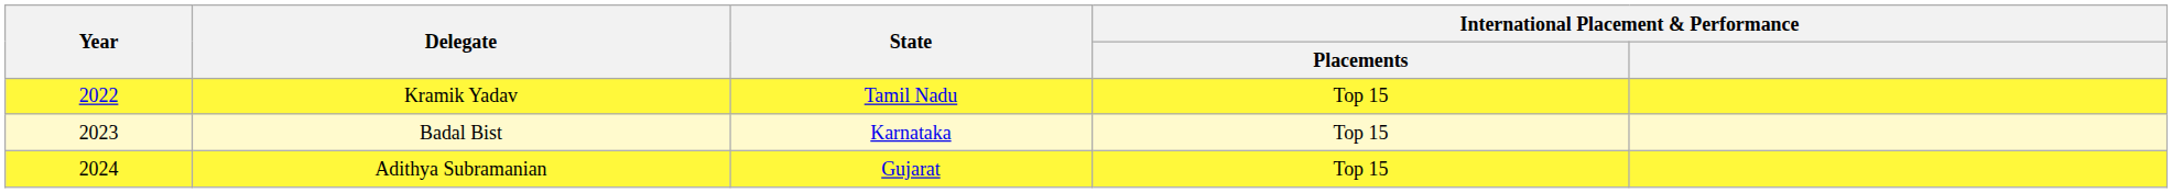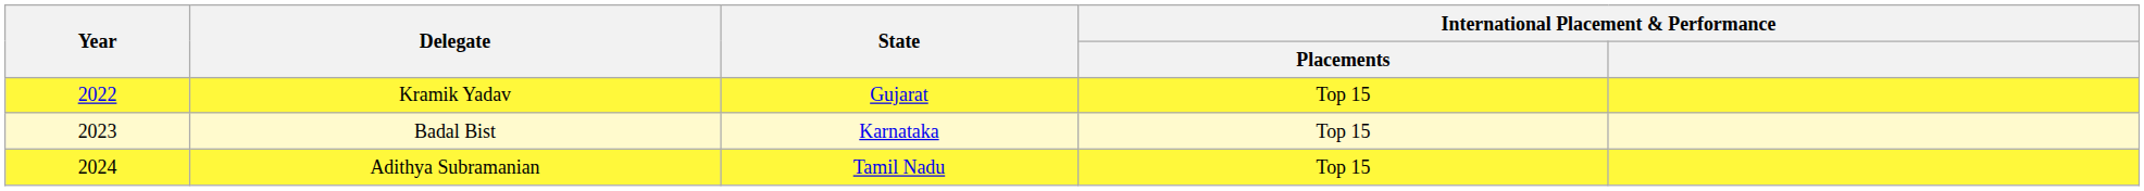 <table class="wikitable" style="text-align:center; line-height:20px; font-size:90%; width:100%;">
 <tr>
 <th rowspan="2"  width=100px>Year</th>
 <th rowspan="2"  width=300px>Delegate</th>
 <th rowspan="2"  width=200px>State</th>
 <th colspan="2"  width=100px>International Placement & Performance</th>
 </tr>
 <tr>
 <th width=300px>Placements</th>
 <th width=300px></th>
 </tr>
 <tr style="background:#FFF83B;">
 <td><a href='#'>2022</a></td>
 <td>Kramik Yadav</td>
-<td><a href='#'>Tamil Nadu</a></td>
+<td><a href='#'>Gujarat</a></td>
 <td>Top 15</td>
 <td style="background:;"></td>
 </tr>
 <tr style="background-color:#FFFACD;">
 <td>2023</td>
 <td>Badal Bist</td>
 <td><a href='#'>Karnataka</a></td>
 <td>Top 15</td>
 <td style="background:;"></td>
 </tr>
 <tr style="background:#FFF83B;">
 <td>2024</td>
 <td>Adithya Subramanian</td>
-<td><a href='#'>Gujarat</a></td>
+<td><a href='#'>Tamil Nadu</a></td>
 <td>Top 15</td>
 <td></td>
 </tr>
 </table>
